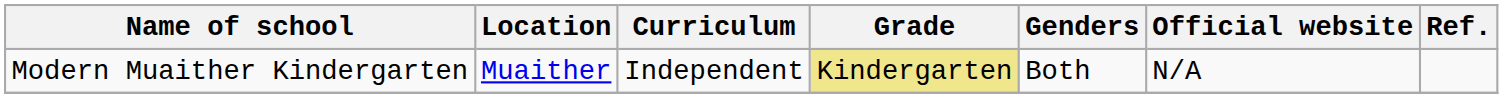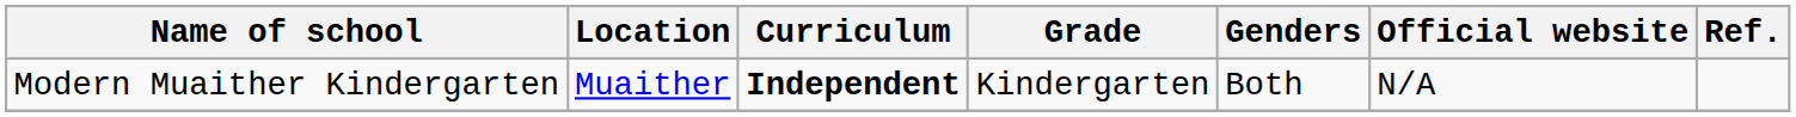 <table class="wikitable">
 <tr>
 <th>Name of school</th>
 <th>Location</th>
 <th>Curriculum</th>
 <th>Grade</th>
 <th>Genders</th>
 <th>Official website</th>
 <th>Ref.</th>
 </tr>
 <tr>
 <td>Modern Muaither Kindergarten</td>
 <td><a href='#'>Muaither</a></td>
-<td>Independent</td>
-<td style="background: khaki;">Kindergarten</td>
+<td><strong>Independent</strong></td>
+<td>Kindergarten</td>
 <td>Both</td>
 <td>N/A</td>
 <td></td>
 </tr>
 <tr>
 </tr>
 </table>
